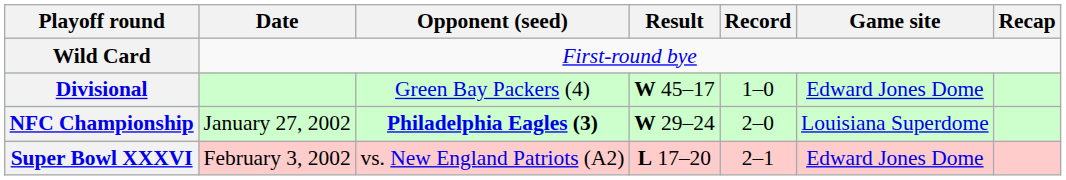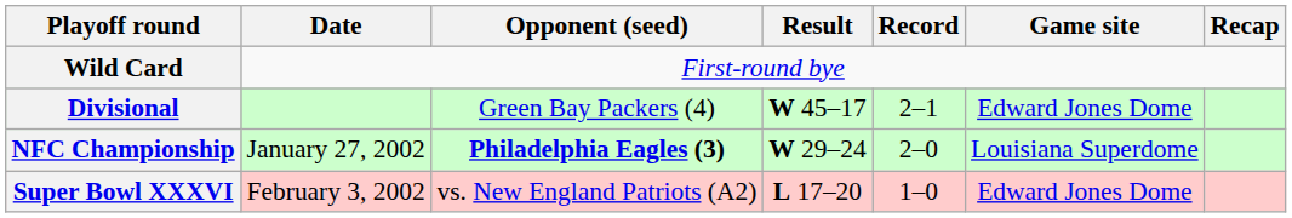 <table class="wikitable" style="text-align:center">
 <tr>
 <th>Playoff round</th>
 <th>Date</th>
 <th>Opponent (seed)</th>
 <th>Result</th>
 <th>Record</th>
 <th>Game site</th>
 <th>Recap</th>
 </tr>
 <tr>
 <th>Wild Card</th>
 <td colspan=6><em><a href='#'>First-round bye</a></em></td>
 </tr>
 <tr style="background:#cfc">
 <th><a href='#'>Divisional</a></th>
 <td></td>
 <td><a href='#'>Green Bay Packers</a> (4)</td>
 <td><strong>W</strong> 45–17</td>
-<td>1–0</td>
+<td>2–1</td>
 <td><a href='#'>Edward Jones Dome</a></td>
 <td></td>
 </tr>
 <tr style="background:#cfc">
 <th><a href='#'>NFC Championship</a></th>
 <td>January 27, 2002</td>
 <td><strong><a href='#'>Philadelphia Eagles</a> (3)</strong></td>
 <td><strong>W</strong> 29–24</td>
 <td>2–0</td>
 <td><a href='#'>Louisiana Superdome</a></td>
 <td></td>
 </tr>
 <tr style="background:#fcc">
 <th><a href='#'>Super Bowl XXXVI</a></th>
 <td>February 3, 2002</td>
 <td>vs. <a href='#'>New England Patriots</a> (A2)</td>
 <td><strong>L</strong> 17–20</td>
-<td>2–1</td>
+<td>1–0</td>
 <td><a href='#'>Edward Jones Dome</a></td>
 <td></td>
 </tr>
 </table>
